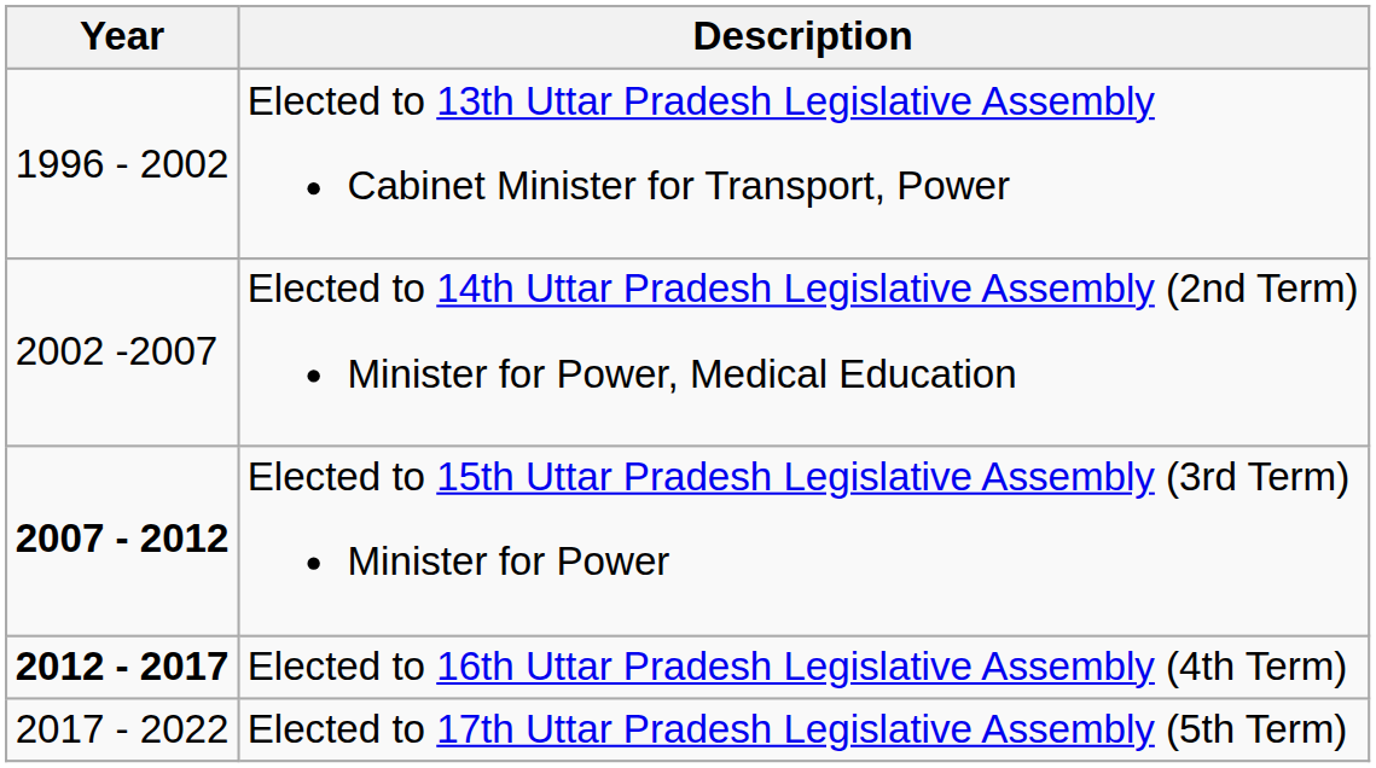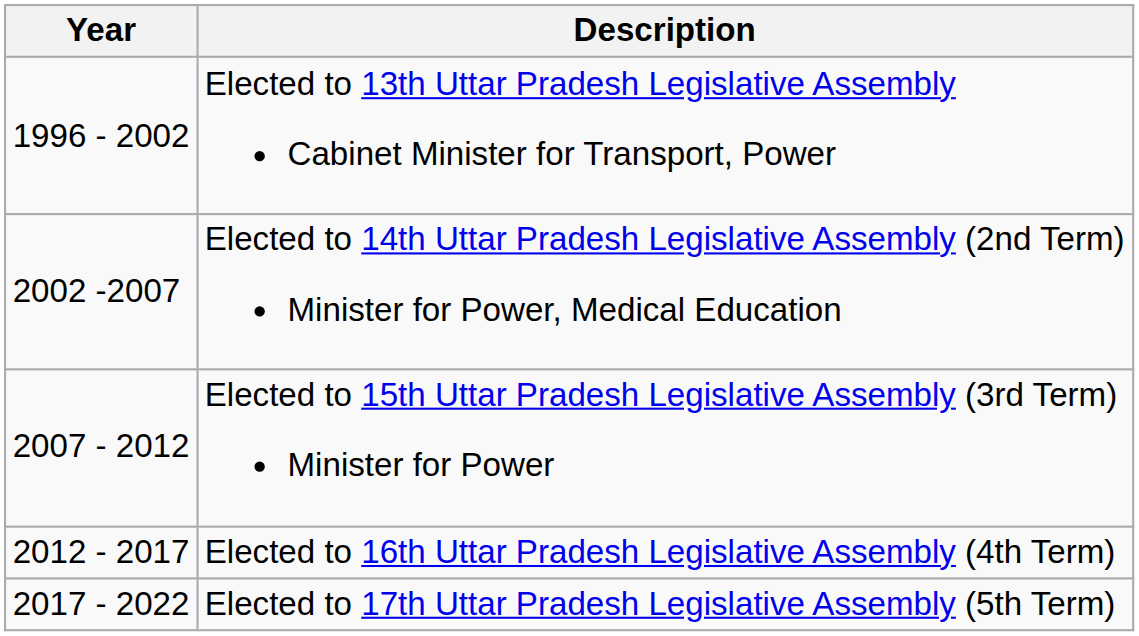 <table class="wikitable">
 <tr>
 <th>Year</th>
 <th>Description</th>
 </tr>
 <tr>
 <td>1996 - 2002</td>
 <td>Elected to <a href='#'>13th Uttar Pradesh Legislative Assembly</a><br><ul><li>Cabinet Minister for Transport, Power </li></ul></td>
 </tr>
 <tr>
 <td>2002 -2007</td>
 <td>Elected to <a href='#'>14th Uttar Pradesh Legislative Assembly</a> (2nd Term)<br><ul><li>Minister for Power, Medical Education </li></ul></td>
 </tr>
 <tr>
-<td><strong>2007 - 2012</strong></td>
+<td>2007 - 2012</td>
 <td>Elected to <a href='#'>15th Uttar Pradesh Legislative Assembly</a> (3rd Term)<br><ul><li>Minister for Power </li></ul></td>
 </tr>
 <tr>
-<td><strong>2012 - 2017</strong></td>
+<td>2012 - 2017</td>
 <td>Elected to <a href='#'>16th Uttar Pradesh Legislative Assembly</a> (4th Term)</td>
 </tr>
 <tr>
 <td>2017 - 2022</td>
 <td>Elected to <a href='#'>17th Uttar Pradesh Legislative Assembly</a> (5th Term)</td>
 </tr>
 </table>
